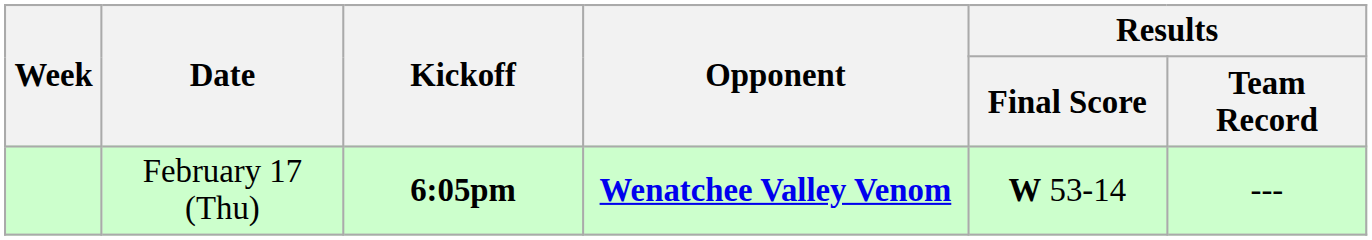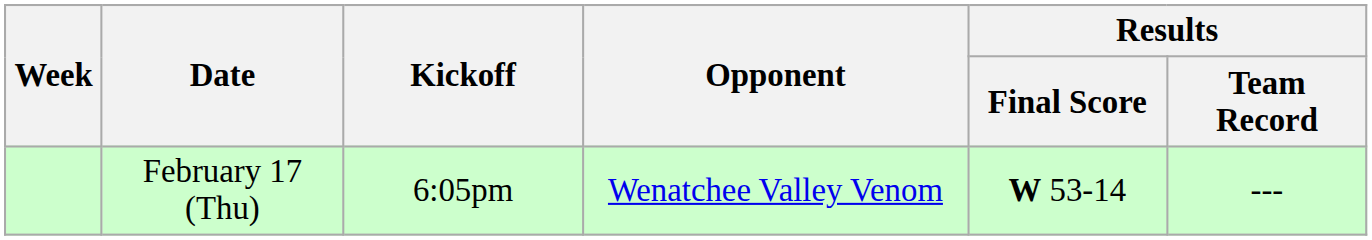 <table class="wikitable">
 <tr>
 <th rowspan="2" width="40">Week</th>
 <th rowspan="2" width="110">Date</th>
 <th rowspan="2" width="110">Kickoff</th>
 <th rowspan="2" width="180">Opponent</th>
 <th colspan="2" width="180">Results</th>
 </tr>
 <tr>
 <th width="90">Final Score</th>
 <th width="90">Team Record</th>
 </tr>
 <tr align="center" bgcolor="#CCFFCC">
 <td align="center"></td>
 <td align="center">February 17 (Thu)</td>
-<td align="center"><strong>6:05pm</strong></td>
-<td align="center"><strong><a href='#'>Wenatchee Valley Venom</a></strong></td>
+<td align="center">6:05pm</td>
+<td align="center"><a href='#'>Wenatchee Valley Venom</a></td>
 <td align="center"><strong>W</strong> 53-14</td>
 <td align="center">---</td>
 </tr>
 </table>
